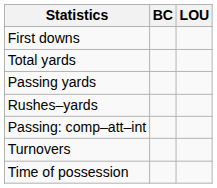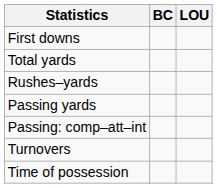 <table class="wikitable" style="float:left">
 <tr>
 <th>Statistics</th>
 <th>BC</th>
 <th>LOU</th>
 </tr>
 <tr>
 <td>First downs</td>
 <td></td>
 <td></td>
 </tr>
 <tr>
 <td>Total yards</td>
 <td></td>
 <td></td>
 </tr>
 <tr>
-<td>Passing yards</td>
+<td>Rushes–yards</td>
 <td></td>
 <td></td>
 </tr>
 <tr>
-<td>Rushes–yards</td>
+<td>Passing yards</td>
 <td></td>
 <td></td>
 </tr>
 <tr>
 <td>Passing: comp–att–int</td>
 <td></td>
 <td></td>
 </tr>
 <tr>
 <td>Turnovers</td>
 <td></td>
 <td></td>
 </tr>
 <tr>
 <td>Time of possession</td>
 <td></td>
 <td></td>
 </tr>
 </table>
